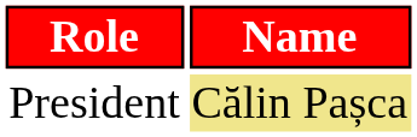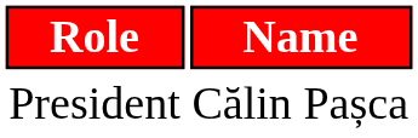 <table class="toccolours">
 <tr>
 <th style="background:#FF0000;color:#FFFFFF;border:1px solid #000000;">Role</th>
 <th style="background:#FF0000;color:#FFFFFF;border:1px solid #000000;">Name</th>
 </tr>
 <tr>
 <td>President</td>
-<td style="background: khaki;"> Călin Pașca</td>
+<td> Călin Pașca</td>
 </tr>
 </table>
